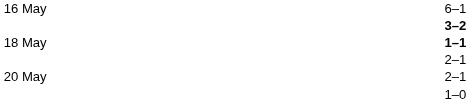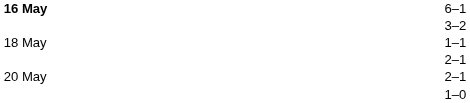 <table cellspacing=1 width=70%>
 <tr>
 <th width=25%></th>
 <th width=30%></th>
 <th width=15%></th>
 <th width=30%></th>
 </tr>
 <tr>
-<td>16 May</td>
+<td><strong>16 May</strong></td>
 <td align=right></td>
 <td align=center>6–1</td>
 <td></td>
 </tr>
 <tr>
 <td></td>
 <td align=right></td>
-<td align=center><strong>3–2</strong></td>
+<td align=center>3–2</td>
 <td></td>
 </tr>
 <tr>
 <td>18 May</td>
 <td align=right></td>
-<td align=center><strong>1–1</strong></td>
+<td align=center>1–1</td>
 <td></td>
 </tr>
 <tr>
 <td></td>
 <td align=right></td>
 <td align=center>2–1</td>
 <td></td>
 </tr>
 <tr>
 <td>20 May</td>
 <td align=right></td>
 <td align=center>2–1</td>
 <td></td>
 </tr>
 <tr>
 <td></td>
 <td align=right></td>
 <td align=center>1–0</td>
 <td></td>
 </tr>
 </table>
